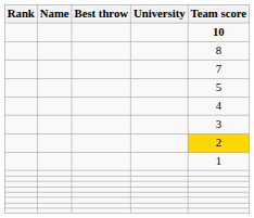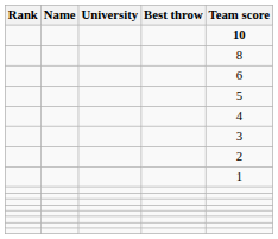 <table class="wikitable sortable" style="text-align:center">
 <tr>
 <th>Rank</th>
 <th>Name</th>
+<th>University</th>
 <th>Best throw</th>
-<th>University</th>
 <th>Team score</th>
 </tr>
 <tr>
 <td></td>
 <td align=left></td>
+<td align=left></td>
 <td><strong></strong></td>
-<td align=left></td>
 <td><strong>10</strong></td>
 </tr>
 <tr>
 <td></td>
 <td align=left></td>
+<td align=left></td>
 <td><strong></strong></td>
-<td align=left></td>
 <td>8</td>
 </tr>
 <tr>
 <td></td>
 <td align=left></td>
+<td align=left></td>
 <td><strong></strong></td>
-<td align=left></td>
-<td>7</td>
+<td>6</td>
 </tr>
 <tr>
 <td></td>
 <td align=left></td>
+<td align=left></td>
 <td><strong></strong></td>
-<td align=left></td>
 <td>5</td>
 </tr>
 <tr>
 <td></td>
 <td align=left></td>
+<td align=left></td>
 <td><strong></strong></td>
-<td align=left></td>
 <td>4</td>
 </tr>
 <tr>
 <td></td>
 <td align=left></td>
+<td align=left></td>
 <td><strong></strong></td>
-<td align=left></td>
 <td>3</td>
 </tr>
 <tr>
 <td></td>
 <td align=left></td>
+<td align=left></td>
 <td><strong></strong></td>
-<td align=left></td>
-<td style="background: gold;">2</td>
+<td>2</td>
 </tr>
 <tr>
 <td></td>
 <td align=left></td>
+<td align=left></td>
 <td><strong></strong></td>
-<td align=left></td>
 <td>1</td>
 </tr>
 <tr>
 <td></td>
 <td align=left></td>
+<td align=left></td>
 <td><strong></strong></td>
-<td align=left></td>
 <td></td>
 </tr>
 <tr>
 <td></td>
 <td align=left></td>
+<td align=left></td>
 <td><strong></strong></td>
-<td align=left></td>
 <td></td>
 </tr>
 <tr>
 <td></td>
 <td align=left></td>
+<td align=left></td>
 <td><strong></strong></td>
-<td align=left></td>
 <td></td>
 </tr>
 <tr>
 <td></td>
 <td align=left></td>
+<td align=left></td>
 <td><strong></strong></td>
-<td align=left></td>
 <td></td>
 </tr>
 <tr>
 <td></td>
 <td align=left></td>
+<td align=left></td>
 <td><strong></strong></td>
-<td align=left></td>
 <td></td>
 </tr>
 <tr>
 <td></td>
 <td align=left></td>
+<td align=left></td>
 <td><strong></strong></td>
-<td align=left></td>
 <td></td>
 </tr>
 <tr>
 <td></td>
 <td align=left></td>
+<td align=left></td>
 <td><strong></strong></td>
-<td align=left></td>
 <td></td>
 </tr>
 <tr>
 <td></td>
 <td align=left></td>
+<td align=left></td>
 <td><strong></strong></td>
-<td align=left></td>
 <td></td>
 </tr>
 </table>
